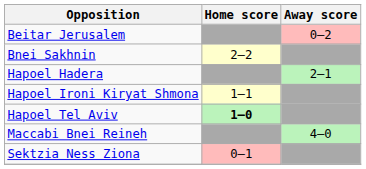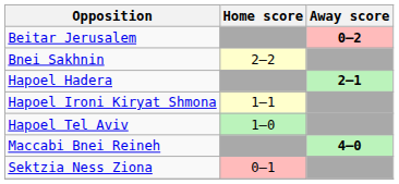 <table class="wikitable" style="text-align: center;">
 <tr>
 <th>Opposition</th>
 <th>Home score</th>
 <th>Away score</th>
 </tr>
 <tr>
 <td align="left"><a href='#'>Beitar Jerusalem</a></td>
 <td bgcolor=darkgrey></td>
-<td bgcolor=#FFBBBB>0–2</td>
+<td bgcolor=#FFBBBB><strong>0–2</strong></td>
 </tr>
 <tr>
 <td align="left"><a href='#'>Bnei Sakhnin</a></td>
 <td bgcolor=#FFFFCC>2–2</td>
 <td bgcolor=darkgrey></td>
 </tr>
 <tr>
 <td align="left"><a href='#'>Hapoel Hadera</a></td>
 <td bgcolor=darkgrey></td>
-<td bgcolor=#BBF3BB>2–1</td>
+<td bgcolor=#BBF3BB><strong>2–1</strong></td>
 </tr>
 <tr>
 <td align="left"><a href='#'>Hapoel Ironi Kiryat Shmona</a></td>
 <td bgcolor=#FFFFCC>1–1</td>
 <td bgcolor=darkgrey></td>
 </tr>
 <tr>
 <td align="left"><a href='#'>Hapoel Tel Aviv</a></td>
-<td bgcolor=#BBF3BB><strong>1–0</strong></td>
+<td bgcolor=#BBF3BB>1–0</td>
 <td bgcolor=darkgrey></td>
 </tr>
 <tr>
 <td align="left"><a href='#'>Maccabi Bnei Reineh</a></td>
 <td bgcolor=darkgrey></td>
-<td bgcolor=#BBF3BB>4–0</td>
+<td bgcolor=#BBF3BB><strong>4–0</strong></td>
 </tr>
 <tr>
 <td align="left"><a href='#'>Sektzia Ness Ziona</a></td>
 <td bgcolor=#FFBBBB>0–1</td>
 <td bgcolor=darkgrey></td>
 </tr>
 <tr>
 </tr>
 </table>
